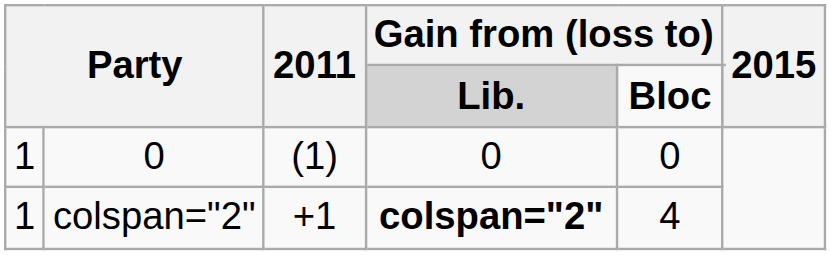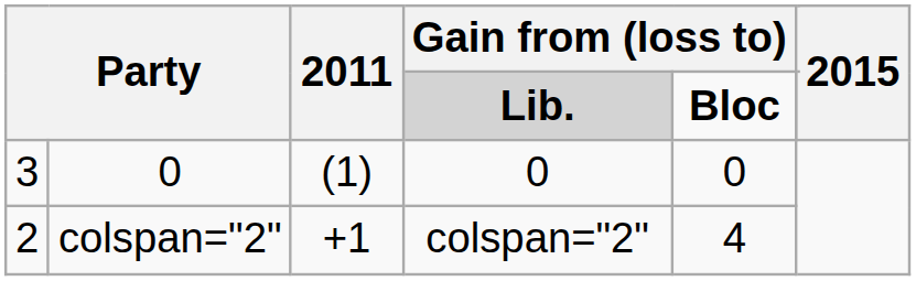 <table class="wikitable" style="text-align:center" align="center">
 <tr>
 <th rowspan="2" colspan="2">Party</th>
 <th rowspan="2">2011</th>
 <th colspan="4">Gain from (loss to)</th>
 <th rowspan="2">2015</th>
 </tr>
 <tr>
 <td style="background: lightgrey;"><strong>Lib.</strong></td>
 <td><strong>Bloc</strong></td>
 </tr>
 <tr>
-<td>1</td>
+<td>3</td>
 <td>0</td>
 <td>(1)</td>
 <td>0</td>
 <td>0</td>
 </tr>
 <tr>
-<td>1</td>
+<td>2</td>
 <td>colspan="2" </td>
 <td>+1</td>
-<td><strong>colspan="2" </strong></td>
+<td>colspan="2" </td>
 <td>4</td>
 </tr>
 </table>
